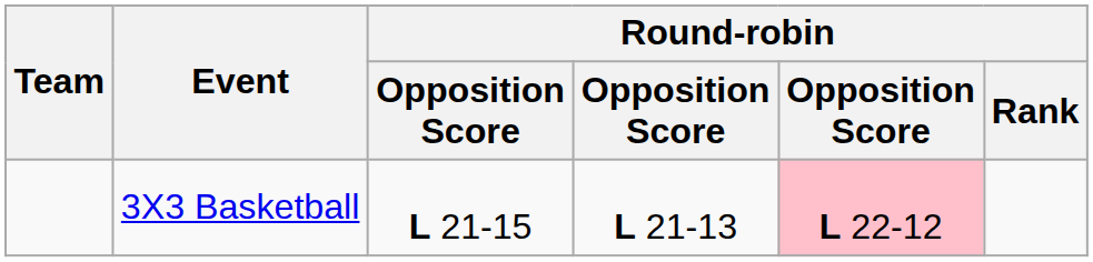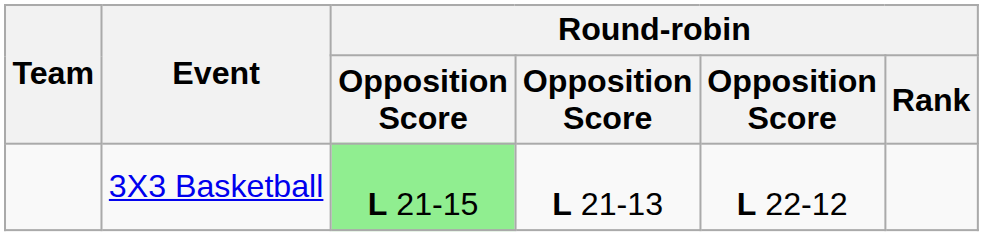 <table class="wikitable">
 <tr>
 <th rowspan="2">Team</th>
 <th rowspan="2">Event</th>
 <th colspan="4">Round-robin</th>
 </tr>
 <tr>
 <th>Opposition<br>Score</th>
 <th>Opposition<br>Score</th>
 <th>Opposition<br>Score</th>
 <th>Rank</th>
 </tr>
 <tr align="center">
 <td><strong></strong></td>
 <td align="left"><a href='#'>3X3 Basketball</a></td>
-<td><br> <strong>L</strong> 21-15</td>
+<td style="background: lightgreen;"><br> <strong>L</strong> 21-15</td>
 <td><br> <strong>L</strong> 21-13</td>
-<td style="background: pink;"><br> <strong>L</strong> 22-12</td>
+<td><br> <strong>L</strong> 22-12</td>
 <td></td>
 </tr>
 </table>
